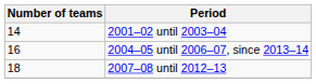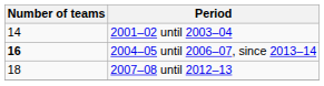 <table class="wikitable sortable">
 <tr>
 <th>Number of teams</th>
 <th>Period</th>
 </tr>
 <tr>
 <td>14</td>
 <td><a href='#'>2001–02</a> until <a href='#'>2003–04</a></td>
 </tr>
 <tr>
-<td>16</td>
+<td><strong>16</strong></td>
 <td><a href='#'>2004–05</a> until <a href='#'>2006–07</a>, since <a href='#'>2013–14</a></td>
 </tr>
 <tr>
 <td>18</td>
 <td><a href='#'>2007–08</a> until <a href='#'>2012–13</a></td>
 </tr>
 <tr>
 </tr>
 </table>
